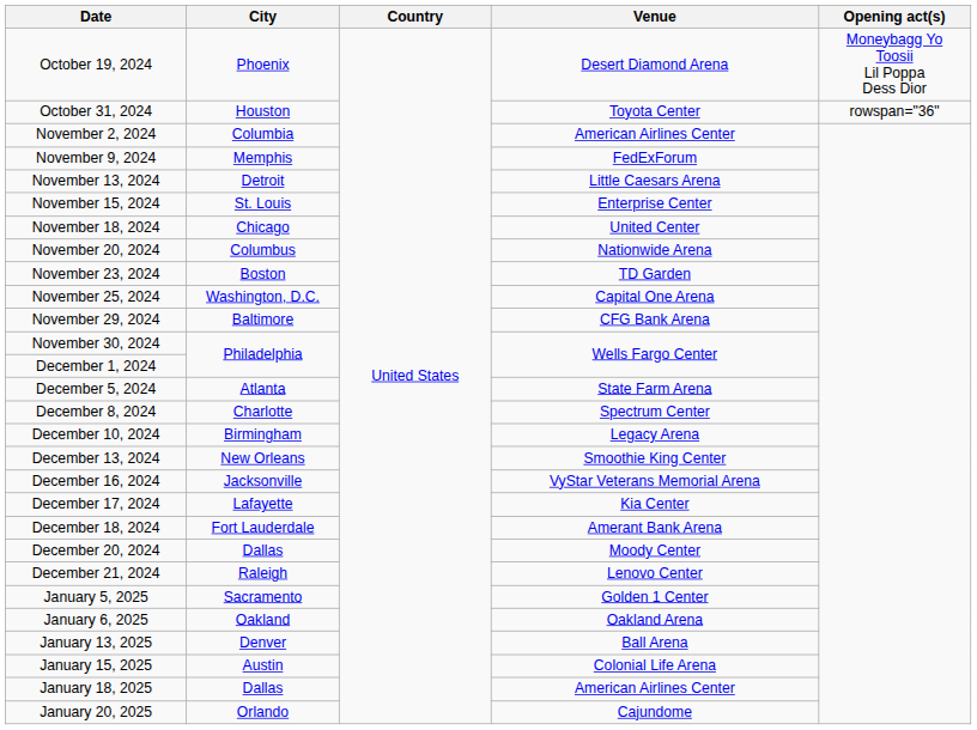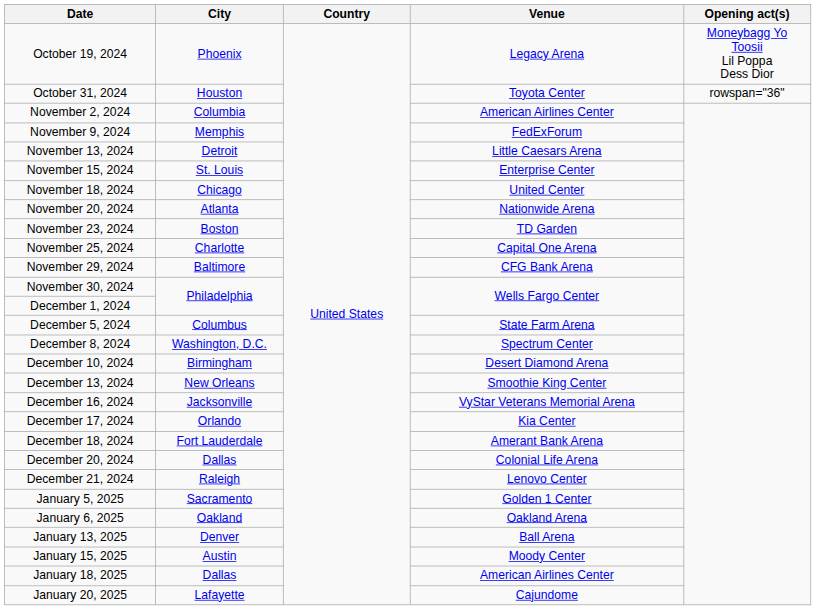 <table class="wikitable" style="text-align:center;">
 <tr>
 <th scope="col" style="width:12em;">Date</th>
 <th scope="col" style="width:10em;">City</th>
 <th scope="col" style="width:10em;">Country</th>
 <th scope="col" style="width:22em;">Venue</th>
 <th scope="col" style="width:10em;">Opening act(s)</th>
 </tr>
 <tr>
 <td>October 19, 2024</td>
 <td><a href='#'>Phoenix</a></td>
 <td rowspan="37"><a href='#'>United States</a></td>
-<td><a href='#'>Desert Diamond Arena</a></td>
+<td><a href='#'>Legacy Arena</a></td>
 <td rowspan="1"><a href='#'>Moneybagg Yo</a><br><a href='#'>Toosii</a><br>Lil Poppa<br>Dess Dior</td>
 </tr>
 <tr>
 <td>October 31, 2024</td>
 <td><a href='#'>Houston</a></td>
 <td><a href='#'>Toyota Center</a></td>
 <td>rowspan="36" </td>
 </tr>
 <tr>
 <td>November 2, 2024</td>
 <td><a href='#'>Columbia</a></td>
 <td><a href='#'>American Airlines Center</a></td>
 </tr>
 <tr>
 <td>November 9, 2024</td>
 <td><a href='#'>Memphis</a></td>
 <td><a href='#'>FedExForum</a></td>
 </tr>
 <tr>
 <td>November 13, 2024</td>
 <td><a href='#'>Detroit</a></td>
 <td><a href='#'>Little Caesars Arena</a></td>
 </tr>
 <tr>
 <td>November 15, 2024</td>
 <td><a href='#'>St. Louis</a></td>
 <td><a href='#'>Enterprise Center</a></td>
 </tr>
 <tr>
 <td>November 18, 2024</td>
 <td><a href='#'>Chicago</a></td>
 <td><a href='#'>United Center</a></td>
 </tr>
 <tr>
 <td>November 20, 2024</td>
-<td><a href='#'>Columbus</a></td>
+<td><a href='#'>Atlanta</a></td>
 <td><a href='#'>Nationwide Arena</a></td>
 </tr>
 <tr>
 <td>November 23, 2024</td>
 <td><a href='#'>Boston</a></td>
 <td><a href='#'>TD Garden</a></td>
 </tr>
 <tr>
 <td>November 25, 2024</td>
-<td><a href='#'>Washington, D.C.</a></td>
+<td><a href='#'>Charlotte</a></td>
 <td><a href='#'>Capital One Arena</a></td>
 </tr>
 <tr>
 <td>November 29, 2024</td>
 <td><a href='#'>Baltimore</a></td>
 <td><a href='#'>CFG Bank Arena</a></td>
 </tr>
 <tr>
 <td>November 30, 2024</td>
 <td rowspan="2"><a href='#'>Philadelphia</a></td>
 <td rowspan="2"><a href='#'>Wells Fargo Center</a></td>
 </tr>
 <tr>
 <td>December 1, 2024</td>
 </tr>
 <tr>
 <td>December 5, 2024</td>
-<td><a href='#'>Atlanta</a></td>
+<td><a href='#'>Columbus</a></td>
 <td><a href='#'>State Farm Arena</a></td>
 </tr>
 <tr>
 <td>December 8, 2024</td>
-<td><a href='#'>Charlotte</a></td>
+<td><a href='#'>Washington, D.C.</a></td>
 <td><a href='#'>Spectrum Center</a></td>
 </tr>
 <tr>
 <td>December 10, 2024</td>
 <td><a href='#'>Birmingham</a></td>
-<td><a href='#'>Legacy Arena</a></td>
+<td><a href='#'>Desert Diamond Arena</a></td>
 </tr>
 <tr>
 <td>December 13, 2024</td>
 <td><a href='#'>New Orleans</a></td>
 <td><a href='#'>Smoothie King Center</a></td>
 </tr>
 <tr>
 <td>December 16, 2024</td>
 <td><a href='#'>Jacksonville</a></td>
 <td><a href='#'>VyStar Veterans Memorial Arena</a></td>
 </tr>
 <tr>
 <td>December 17, 2024</td>
-<td><a href='#'>Lafayette</a></td>
+<td><a href='#'>Orlando</a></td>
 <td><a href='#'>Kia Center</a></td>
 </tr>
 <tr>
 <td>December 18, 2024</td>
 <td><a href='#'>Fort Lauderdale</a></td>
 <td><a href='#'>Amerant Bank Arena</a></td>
 </tr>
 <tr>
 <td>December 20, 2024</td>
 <td><a href='#'>Dallas</a></td>
-<td><a href='#'>Moody Center</a></td>
+<td><a href='#'>Colonial Life Arena</a></td>
 </tr>
 <tr>
 <td>December 21, 2024</td>
 <td><a href='#'>Raleigh</a></td>
 <td><a href='#'>Lenovo Center</a></td>
 </tr>
 <tr>
 <td>January 5, 2025</td>
 <td><a href='#'>Sacramento</a></td>
 <td><a href='#'>Golden 1 Center</a></td>
 </tr>
 <tr>
 <td>January 6, 2025</td>
 <td><a href='#'>Oakland</a></td>
 <td><a href='#'>Oakland Arena</a></td>
 </tr>
 <tr>
 <td>January 13, 2025</td>
 <td><a href='#'>Denver</a></td>
 <td><a href='#'>Ball Arena</a></td>
 </tr>
 <tr>
 <td>January 15, 2025</td>
 <td><a href='#'>Austin</a></td>
-<td><a href='#'>Colonial Life Arena</a></td>
+<td><a href='#'>Moody Center</a></td>
 </tr>
 <tr>
 <td>January 18, 2025</td>
 <td><a href='#'>Dallas</a></td>
 <td><a href='#'>American Airlines Center</a></td>
 </tr>
 <tr>
 <td>January 20, 2025</td>
-<td><a href='#'>Orlando</a></td>
+<td><a href='#'>Lafayette</a></td>
 <td><a href='#'>Cajundome</a></td>
 </tr>
 </table>
